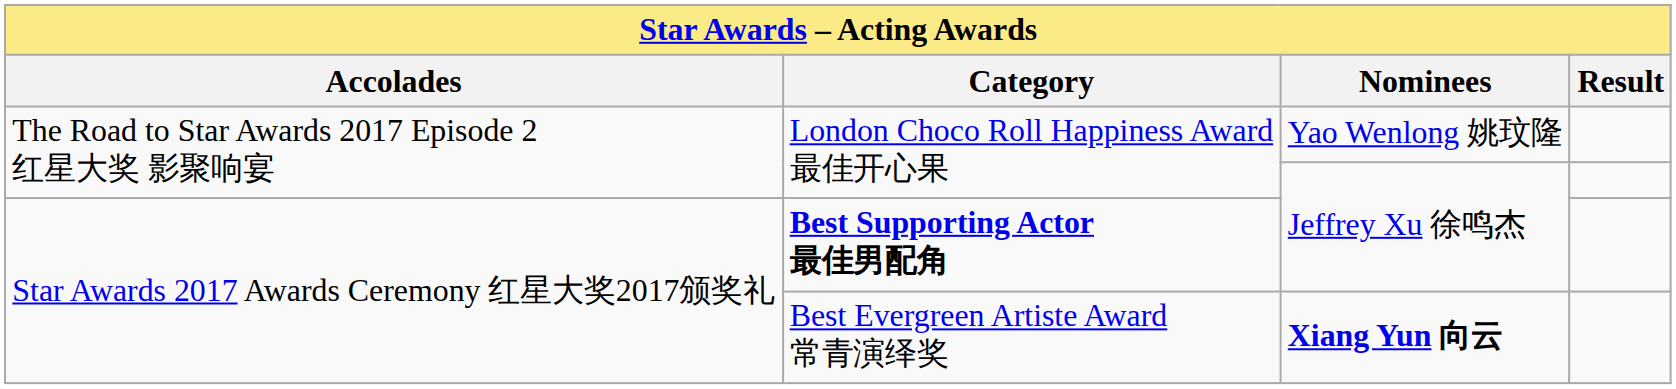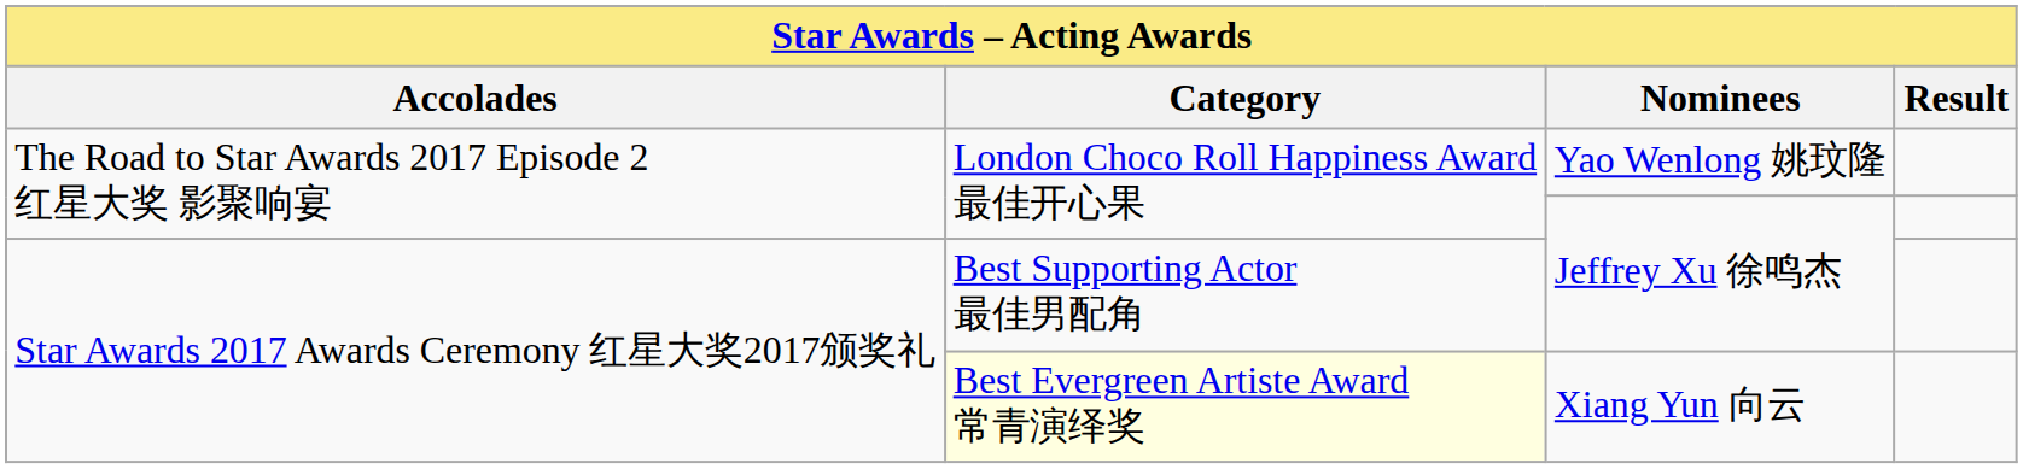 <table class="wikitable sortable">
 <tr>
 <th colspan="4" - style="background:#FAEB86;" align="center"><a href='#'>Star Awards</a> – Acting Awards</th>
 </tr>
 <tr>
 <th>Accolades</th>
 <th>Category</th>
 <th>Nominees</th>
 <th>Result</th>
 </tr>
 <tr>
 <td rowspan="2">The Road to Star Awards 2017 Episode 2 <br> 红星大奖 影聚响宴</td>
 <td rowspan="2"><a href='#'>London Choco Roll Happiness Award</a> <br> 最佳开心果</td>
 <td><a href='#'>Yao Wenlong</a> 姚玟隆</td>
 <td></td>
 </tr>
 <tr>
 <td rowspan="2"><a href='#'>Jeffrey Xu</a> 徐鸣杰</td>
 <td></td>
 </tr>
 <tr>
 <td rowspan="5"><a href='#'>Star Awards 2017</a> Awards Ceremony 红星大奖2017颁奖礼</td>
-<td><strong><a href='#'>Best Supporting Actor</a> <br> 最佳男配角</strong></td>
+<td><a href='#'>Best Supporting Actor</a> <br> 最佳男配角</td>
 <td></td>
 </tr>
 <tr>
-<td><a href='#'>Best Evergreen Artiste Award</a> <br>常青演绎奖</td>
-<td><strong><a href='#'>Xiang Yun</a> 向云</strong></td>
+<td style="background: lightyellow;"><a href='#'>Best Evergreen Artiste Award</a> <br>常青演绎奖</td>
+<td><a href='#'>Xiang Yun</a> 向云</td>
 <td></td>
 </tr>
 </table>
